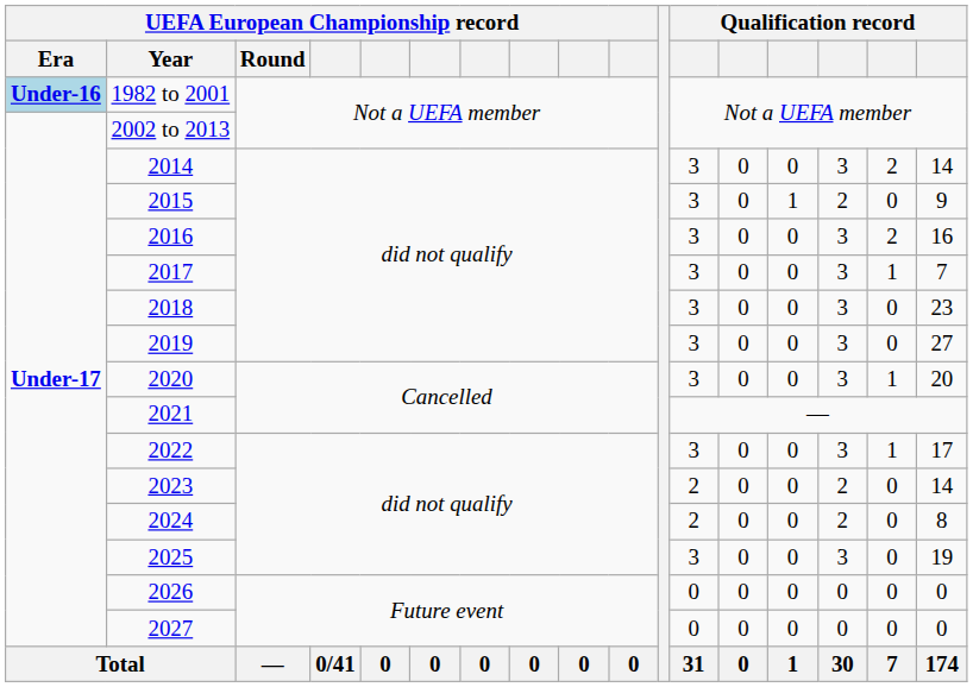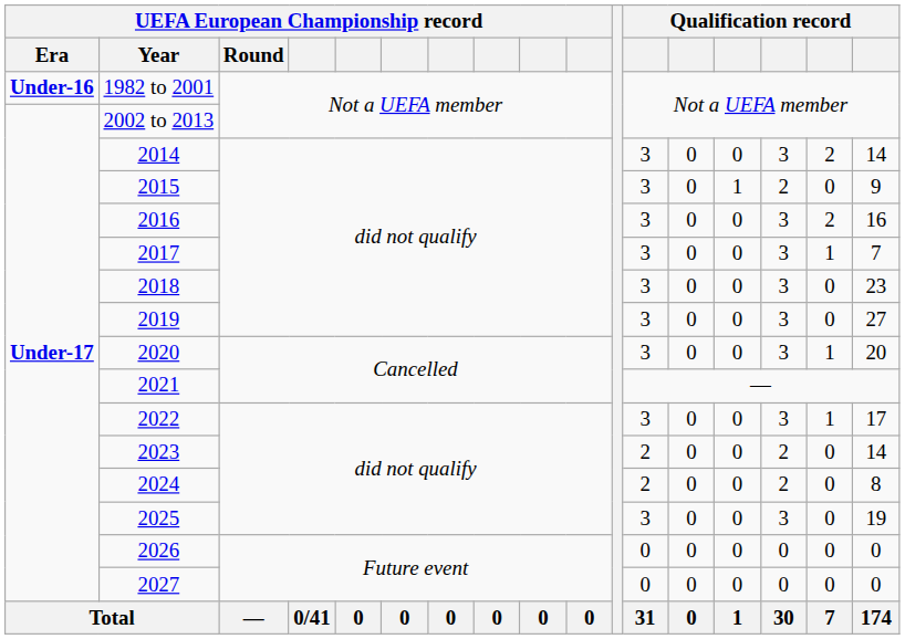 <table class="wikitable" style="text-align: center;">
 <tr>
 <th colspan=10><a href='#'>UEFA European Championship</a> record</th>
 <th rowspan=19></th>
 <th colspan=6>Qualification record</th>
 </tr>
 <tr>
 <th>Era</th>
 <th>Year</th>
 <th>Round</th>
 <th width=28></th>
 <th width=28></th>
 <th width=28></th>
 <th width=28></th>
 <th width=28></th>
 <th width=28></th>
 <th width=28></th>
 <th width=28></th>
 <th width=28></th>
 <th width=28></th>
 <th width=28></th>
 <th width=28></th>
 <th width=28></th>
 </tr>
 <tr>
-<td style="background: lightblue;"><strong><a href='#'>Under-16</a></strong></td>
+<td><strong><a href='#'>Under-16</a></strong></td>
 <td><a href='#'>1982</a> to <a href='#'>2001</a></td>
 <td rowspan=2 colspan=8><em>Not a <a href='#'>UEFA</a> member</em></td>
 <td rowspan=2 colspan=6><em>Not a <a href='#'>UEFA</a> member</em></td>
 </tr>
 <tr>
 <td rowspan="15"><strong><a href='#'>Under-17</a></strong></td>
 <td><a href='#'>2002</a> to <a href='#'>2013</a></td>
 </tr>
 <tr>
 <td> <a href='#'>2014</a></td>
 <td rowspan=6 colspan=8><em>did not qualify</em></td>
 <td>3</td>
 <td>0</td>
 <td>0</td>
 <td>3</td>
 <td>2</td>
 <td>14</td>
 </tr>
 <tr>
 <td> <a href='#'>2015</a></td>
 <td>3</td>
 <td>0</td>
 <td>1</td>
 <td>2</td>
 <td>0</td>
 <td>9</td>
 </tr>
 <tr>
 <td> <a href='#'>2016</a></td>
 <td>3</td>
 <td>0</td>
 <td>0</td>
 <td>3</td>
 <td>2</td>
 <td>16</td>
 </tr>
 <tr>
 <td> <a href='#'>2017</a></td>
 <td>3</td>
 <td>0</td>
 <td>0</td>
 <td>3</td>
 <td>1</td>
 <td>7</td>
 </tr>
 <tr>
 <td> <a href='#'>2018</a></td>
 <td>3</td>
 <td>0</td>
 <td>0</td>
 <td>3</td>
 <td>0</td>
 <td>23</td>
 </tr>
 <tr>
 <td> <a href='#'>2019</a></td>
 <td>3</td>
 <td>0</td>
 <td>0</td>
 <td>3</td>
 <td>0</td>
 <td>27</td>
 </tr>
 <tr>
 <td> <a href='#'>2020</a></td>
 <td rowspan=2 colspan=8><em>Cancelled</em></td>
 <td>3</td>
 <td>0</td>
 <td>0</td>
 <td>3</td>
 <td>1</td>
 <td>20</td>
 </tr>
 <tr>
 <td> <a href='#'>2021</a></td>
 <td colspan=6>—</td>
 </tr>
 <tr>
 <td> <a href='#'>2022</a></td>
 <td rowspan=4 colspan=8><em>did not qualify</em></td>
 <td>3</td>
 <td>0</td>
 <td>0</td>
 <td>3</td>
 <td>1</td>
 <td>17</td>
 </tr>
 <tr>
 <td> <a href='#'>2023</a></td>
 <td>2</td>
 <td>0</td>
 <td>0</td>
 <td>2</td>
 <td>0</td>
 <td>14</td>
 </tr>
 <tr>
 <td> <a href='#'>2024</a></td>
 <td>2</td>
 <td>0</td>
 <td>0</td>
 <td>2</td>
 <td>0</td>
 <td>8</td>
 </tr>
 <tr>
 <td> <a href='#'>2025</a></td>
 <td>3</td>
 <td>0</td>
 <td>0</td>
 <td>3</td>
 <td>0</td>
 <td>19</td>
 </tr>
 <tr>
 <td> <a href='#'>2026</a></td>
 <td rowspan=2 colspan=8><em>Future event</em></td>
 <td>0</td>
 <td>0</td>
 <td>0</td>
 <td>0</td>
 <td>0</td>
 <td>0</td>
 </tr>
 <tr>
 <td> <a href='#'>2027</a></td>
 <td>0</td>
 <td>0</td>
 <td>0</td>
 <td>0</td>
 <td>0</td>
 <td>0</td>
 </tr>
 <tr>
 <th rowspan=1 colspan=2>Total</th>
 <th>—</th>
 <th>0/41</th>
 <th>0</th>
 <th>0</th>
 <th>0</th>
 <th>0</th>
 <th>0</th>
 <th>0</th>
 <th>31</th>
 <th>0</th>
 <th>1</th>
 <th>30</th>
 <th>7</th>
 <th>174</th>
 </tr>
 </table>
